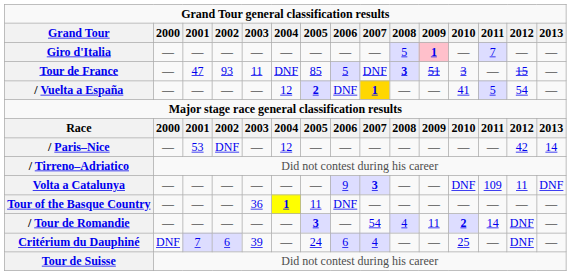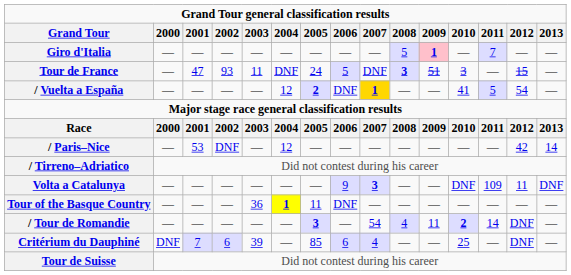 <table class="wikitable plainrowheaders">
 <tr>
 <td colspan="21" style="text-align:center;"><strong>Grand Tour general classification results</strong></td>
 </tr>
 <tr>
 <th scope="col"><a href='#'>Grand Tour</a></th>
 <th scope="col">2000</th>
 <th scope="col">2001</th>
 <th scope="col">2002</th>
 <th scope="col">2003</th>
 <th scope="col">2004</th>
 <th scope="col">2005</th>
 <th scope="col">2006</th>
 <th scope="col">2007</th>
 <th scope="col">2008</th>
 <th scope="col">2009</th>
 <th scope="col">2010</th>
 <th scope="col">2011</th>
 <th scope="col">2012</th>
 <th scope="col">2013</th>
 </tr>
 <tr style="text-align:center;">
 <th scope="row"> <a href='#'>Giro d'Italia</a></th>
 <td>—</td>
 <td>—</td>
 <td>—</td>
 <td>—</td>
 <td>—</td>
 <td>—</td>
 <td>—</td>
 <td>—</td>
 <td style="background:#ddddff;"><a href='#'>5</a></td>
 <td style="background:pink;"><a href='#'><strong>1</strong></a></td>
 <td>—</td>
 <td style="background:#ddddff;"><a href='#'>7</a></td>
 <td>—</td>
 <td>—</td>
 </tr>
 <tr style="text-align:center;">
 <th scope="row"> <a href='#'>Tour de France</a></th>
 <td>—</td>
 <td><a href='#'>47</a></td>
 <td><a href='#'>93</a></td>
 <td><a href='#'>11</a></td>
 <td><a href='#'>DNF</a></td>
-<td><a href='#'>85</a></td>
+<td><a href='#'>24</a></td>
 <td style="background:#ddddff;"><a href='#'>5</a></td>
 <td><a href='#'>DNF</a></td>
 <td style="background:#ddddff;"><a href='#'><strong>3</strong></a></td>
 <td style="background:#gray;"><a href='#'><s>51</s></a></td>
 <td style="background:#gray;"><a href='#'><s>3</s></a></td>
 <td>—</td>
 <td style="background:#gray;"><a href='#'><s>15</s></a></td>
 <td>—</td>
 </tr>
 <tr style="text-align:center;">
 <th scope="row">/ <a href='#'>Vuelta a España</a></th>
 <td>—</td>
 <td>—</td>
 <td>—</td>
 <td>—</td>
 <td><a href='#'>12</a></td>
 <td style="background:#ddddff;"><a href='#'><strong>2</strong></a></td>
 <td><a href='#'>DNF</a></td>
 <td style="background:gold;"><a href='#'><strong>1</strong></a></td>
 <td>—</td>
 <td>—</td>
 <td><a href='#'>41</a></td>
 <td style="background:#ddddff;"><a href='#'>5</a></td>
 <td><a href='#'>54</a></td>
 <td>—</td>
 </tr>
 <tr>
 <td colspan="21" style="text-align:center;"><strong>Major stage race general classification results</strong></td>
 </tr>
 <tr>
 <th scope="col">Race</th>
 <th scope="col">2000</th>
 <th scope="col">2001</th>
 <th scope="col">2002</th>
 <th scope="col">2003</th>
 <th scope="col">2004</th>
 <th scope="col">2005</th>
 <th scope="col">2006</th>
 <th scope="col">2007</th>
 <th scope="col">2008</th>
 <th scope="col">2009</th>
 <th scope="col">2010</th>
 <th scope="col">2011</th>
 <th scope="col">2012</th>
 <th scope="col">2013</th>
 </tr>
 <tr style="text-align:center;">
 <th scope="row">/ <a href='#'>Paris–Nice</a></th>
 <td>—</td>
 <td><a href='#'>53</a></td>
 <td><a href='#'>DNF</a></td>
 <td>—</td>
 <td><a href='#'>12</a></td>
 <td>—</td>
 <td>—</td>
 <td>—</td>
 <td>—</td>
 <td>—</td>
 <td>—</td>
 <td>—</td>
 <td><a href='#'>42</a></td>
 <td><a href='#'>14</a></td>
 </tr>
 <tr style="text-align:center;">
 <th scope="row">/ <a href='#'>Tirreno–Adriatico</a></th>
 <td style="color:#4d4d4d;" colspan=14>Did not contest during his career</td>
 </tr>
 <tr style="text-align:center;">
 <th scope="row"> <a href='#'>Volta a Catalunya</a></th>
 <td>—</td>
 <td>—</td>
 <td>—</td>
 <td>—</td>
 <td>—</td>
 <td>—</td>
 <td style="background:#ddddff;"><a href='#'>9</a></td>
 <td style="background:#ddddff;"><a href='#'><strong>3</strong></a></td>
 <td>—</td>
 <td>—</td>
 <td><a href='#'>DNF</a></td>
 <td><a href='#'>109</a></td>
 <td><a href='#'>11</a></td>
 <td><a href='#'>DNF</a></td>
 </tr>
 <tr style="text-align:center;">
 <th scope="row"> <a href='#'>Tour of the Basque Country</a></th>
 <td>—</td>
 <td>—</td>
 <td>—</td>
 <td><a href='#'>36</a></td>
 <td style="background:yellow;"><a href='#'><strong>1</strong></a></td>
 <td><a href='#'>11</a></td>
 <td><a href='#'>DNF</a></td>
 <td>—</td>
 <td>—</td>
 <td>—</td>
 <td>—</td>
 <td>—</td>
 <td>—</td>
 <td>—</td>
 </tr>
 <tr style="text-align:center;">
 <th scope="row">/ <a href='#'>Tour de Romandie</a></th>
 <td>—</td>
 <td>—</td>
 <td>—</td>
 <td>—</td>
 <td>—</td>
 <td style="background:#ddddff;"><a href='#'><strong>3</strong></a></td>
 <td>—</td>
 <td><a href='#'>54</a></td>
 <td style="background:#ddddff;"><a href='#'>4</a></td>
 <td><a href='#'>11</a></td>
 <td style="background:#ddddff;"><a href='#'><strong>2</strong></a></td>
 <td><a href='#'>14</a></td>
 <td><a href='#'>DNF</a></td>
 <td>—</td>
 </tr>
 <tr style="text-align:center;">
 <th scope="row"> <a href='#'>Critérium du Dauphiné</a></th>
 <td><a href='#'>DNF</a></td>
 <td style="background:#ddddff;"><a href='#'>7</a></td>
 <td style="background:#ddddff;"><a href='#'>6</a></td>
 <td><a href='#'>39</a></td>
 <td>—</td>
-<td><a href='#'>24</a></td>
+<td><a href='#'>85</a></td>
 <td style="background:#ddddff;"><a href='#'>6</a></td>
 <td style="background:#ddddff;"><a href='#'>4</a></td>
 <td>—</td>
 <td>—</td>
 <td><a href='#'>25</a></td>
 <td>—</td>
 <td><a href='#'>DNF</a></td>
 <td>—</td>
 </tr>
 <tr align="center">
 <th scope="row"> <a href='#'>Tour de Suisse</a></th>
 <td style="color:#4d4d4d;" colspan=14>Did not contest during his career</td>
 </tr>
 </table>
